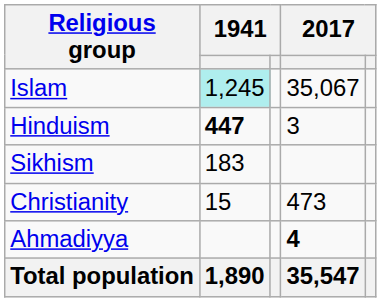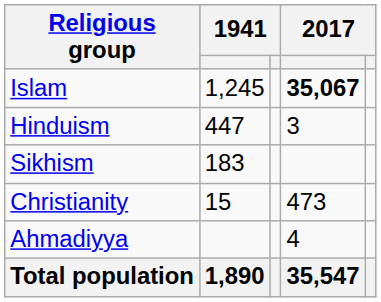 <table class="wikitable sortable">
 <tr>
 <th rowspan="2"><a href='#'>Religious</a><br>group</th>
 <th colspan="2">1941</th>
 <th colspan="2">2017</th>
 </tr>
 <tr>
 <th><a href='#'></a></th>
 <th></th>
 <th></th>
 <th></th>
 </tr>
 <tr>
 <td><a href='#'>Islam</a> </td>
-<td style="background: paleturquoise;">1,245</td>
+<td>1,245</td>
 <td></td>
-<td>35,067</td>
+<td><strong>35,067</strong></td>
 <td></td>
 </tr>
 <tr>
 <td><a href='#'>Hinduism</a> </td>
-<td><strong>447</strong></td>
+<td>447</td>
 <td></td>
 <td>3</td>
 <td></td>
 </tr>
 <tr>
 <td><a href='#'>Sikhism</a> </td>
 <td>183</td>
 <td></td>
 <td></td>
 <td></td>
 </tr>
 <tr>
 <td><a href='#'>Christianity</a> </td>
 <td>15</td>
 <td></td>
 <td>473</td>
 <td></td>
 </tr>
 <tr>
 <td><a href='#'>Ahmadiyya</a> </td>
 <td></td>
 <td></td>
-<td><strong>4</strong></td>
+<td>4</td>
 <td></td>
 </tr>
 <tr>
 <th>Total population</th>
 <th>1,890</th>
 <th></th>
 <th>35,547</th>
 <th></th>
 </tr>
 </table>
